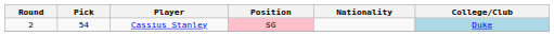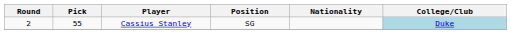 <table class="wikitable sortable sortable">
 <tr>
 <th width="75">Round</th>
 <th width="75">Pick</th>
 <th width="175">Player</th>
 <th width="125">Position</th>
 <th width="150">Nationality</th>
 <th width="200">College/Club</th>
 </tr>
 <tr style="text-align: center">
 <td>2</td>
-<td>54</td>
+<td>55</td>
 <td><a href='#'>Cassius Stanley</a></td>
-<td style="background: pink;">SG</td>
+<td>SG</td>
 <td></td>
 <td style="background: lightblue;"><a href='#'>Duke</a></td>
 </tr>
 <tr style="text-align: center">
 </tr>
 </table>
